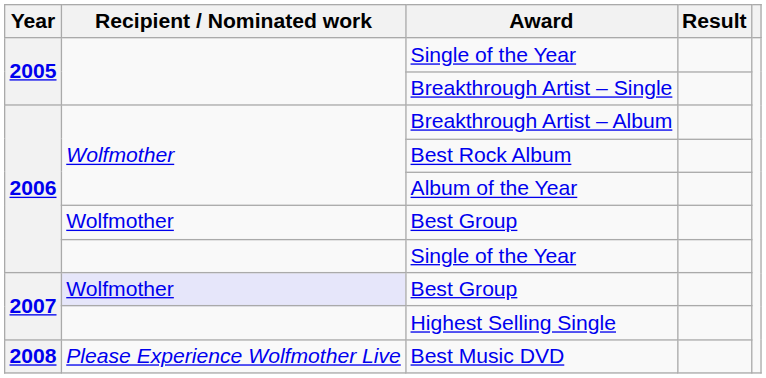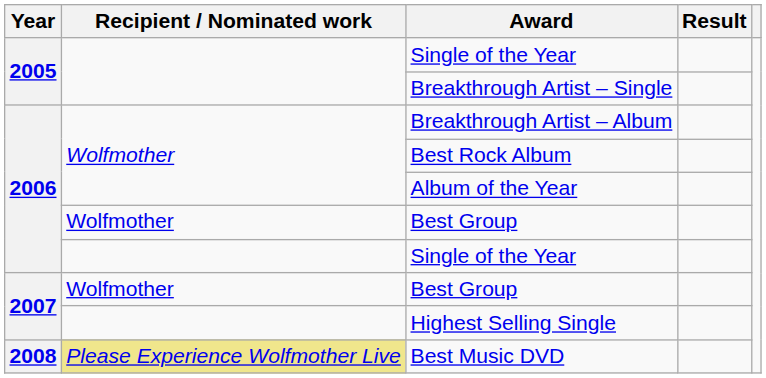 <table class="wikitable sortable plainrowheaders">
 <tr>
 <th scope="col">Year</th>
 <th scope="col">Recipient / Nominated work</th>
 <th scope="col">Award</th>
 <th scope="col">Result</th>
 <th scope="col" class="unsortable"></th>
 </tr>
 <tr>
 <th scope="row" rowspan="2"><a href='#'>2005</a></th>
 <td rowspan="2"></td>
 <td><a href='#'>Single of the Year</a></td>
 <td></td>
 <td rowspan="10" align="centre"></td>
 </tr>
 <tr>
 <td><a href='#'>Breakthrough Artist – Single</a></td>
 <td></td>
 </tr>
 <tr>
 <th scope="row" rowspan="5"><a href='#'>2006</a></th>
 <td rowspan="3"><em><a href='#'>Wolfmother</a></em></td>
 <td><a href='#'>Breakthrough Artist – Album</a></td>
 <td></td>
 </tr>
 <tr>
 <td><a href='#'>Best Rock Album</a></td>
 <td></td>
 </tr>
 <tr>
 <td><a href='#'>Album of the Year</a></td>
 <td></td>
 </tr>
 <tr>
 <td><a href='#'>Wolfmother</a></td>
 <td><a href='#'>Best Group</a></td>
 <td></td>
 </tr>
 <tr>
 <td></td>
 <td><a href='#'>Single of the Year</a></td>
 <td></td>
 </tr>
 <tr>
 <th scope="row" rowspan="2"><a href='#'>2007</a></th>
-<td style="background: lavender;"><a href='#'>Wolfmother</a></td>
+<td><a href='#'>Wolfmother</a></td>
 <td><a href='#'>Best Group</a></td>
 <td></td>
 </tr>
 <tr>
 <td></td>
 <td><a href='#'>Highest Selling Single</a></td>
 <td></td>
 </tr>
 <tr>
 <th scope="row"><a href='#'>2008</a></th>
-<td><em><a href='#'>Please Experience Wolfmother Live</a></em></td>
+<td style="background: khaki;"><em><a href='#'>Please Experience Wolfmother Live</a></em></td>
 <td><a href='#'>Best Music DVD</a></td>
 <td></td>
 </tr>
 </table>
